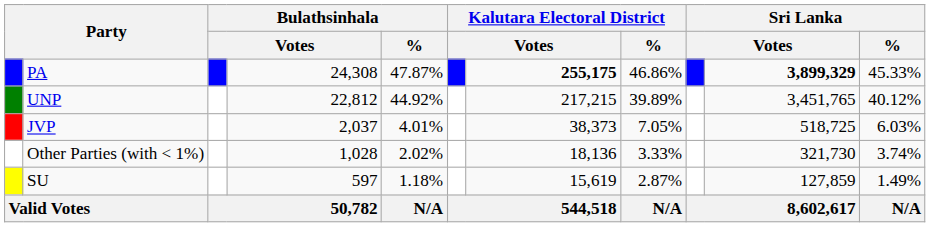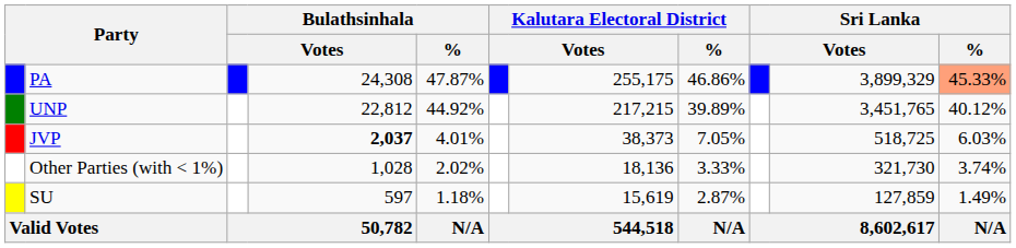 <table class="wikitable">
 <tr>
 <th colspan="2" width="144px"rowspan="2">Party</th>
 <th colspan="3" width="216px">Bulathsinhala</th>
 <th colspan="3" width="216px"><a href='#'>Kalutara Electoral District</a></th>
 <th colspan="3" width="216px">Sri Lanka</th>
 </tr>
 <tr>
 <th colspan="2" width="144px">Votes</th>
 <th>%</th>
 <th colspan="2" width="144px">Votes</th>
 <th>%</th>
 <th colspan="2" width="144px">Votes</th>
 <th>%</th>
 </tr>
 <tr>
 <td style="background-color:blue;" width="10px"></td>
 <td style="text-align:left;"><a href='#'>PA</a></td>
 <td style="background-color:blue;" width="10px"></td>
 <td style="text-align:right;">24,308</td>
 <td style="text-align:right;">47.87%</td>
 <td style="background-color:blue;" width="10px"></td>
-<td style="text-align:right;"><strong>255,175</strong></td>
+<td style="text-align:right;">255,175</td>
 <td style="text-align:right;">46.86%</td>
 <td style="background-color:blue;" width="10px"></td>
-<td style="text-align:right;"><strong>3,899,329</strong></td>
-<td style="text-align:right;">45.33%</td>
+<td style="text-align:right;">3,899,329</td>
+<td style="background: lightsalmon; text-align:right;">45.33%</td>
 </tr>
 <tr>
 <td style="background-color:green;" width="10px"></td>
 <td style="text-align:left;"><a href='#'>UNP</a></td>
 <td style="background-color:white;" width="10px"></td>
 <td style="text-align:right;">22,812</td>
 <td style="text-align:right;">44.92%</td>
 <td style="background-color:white;" width="10px"></td>
 <td style="text-align:right;">217,215</td>
 <td style="text-align:right;">39.89%</td>
 <td style="background-color:white;" width="10px"></td>
 <td style="text-align:right;">3,451,765</td>
 <td style="text-align:right;">40.12%</td>
 </tr>
 <tr>
 <td style="background-color:red;" width="10px"></td>
 <td style="text-align:left;"><a href='#'>JVP</a></td>
 <td style="background-color:white;" width="10px"></td>
-<td style="text-align:right;">2,037</td>
+<td style="text-align:right;"><strong>2,037</strong></td>
 <td style="text-align:right;">4.01%</td>
 <td style="background-color:white;" width="10px"></td>
 <td style="text-align:right;">38,373</td>
 <td style="text-align:right;">7.05%</td>
 <td style="background-color:white;" width="10px"></td>
 <td style="text-align:right;">518,725</td>
 <td style="text-align:right;">6.03%</td>
 </tr>
 <tr>
 <td style="background-color:white;" width="10px"></td>
 <td style="text-align:left;">Other Parties (with < 1%)</td>
 <td style="background-color:white;" width="10px"></td>
 <td style="text-align:right;">1,028</td>
 <td style="text-align:right;">2.02%</td>
 <td style="background-color:white;" width="10px"></td>
 <td style="text-align:right;">18,136</td>
 <td style="text-align:right;">3.33%</td>
 <td style="background-color:white;" width="10px"></td>
 <td style="text-align:right;">321,730</td>
 <td style="text-align:right;">3.74%</td>
 </tr>
 <tr>
 <td style="background-color:yellow;" width="10px"></td>
 <td style="text-align:left;">SU</td>
 <td style="background-color:white;" width="10px"></td>
 <td style="text-align:right;">597</td>
 <td style="text-align:right;">1.18%</td>
 <td style="background-color:white;" width="10px"></td>
 <td style="text-align:right;">15,619</td>
 <td style="text-align:right;">2.87%</td>
 <td style="background-color:white;" width="10px"></td>
 <td style="text-align:right;">127,859</td>
 <td style="text-align:right;">1.49%</td>
 </tr>
 <tr>
 <th colspan="2" width="144px"style="text-align:left;">Valid Votes</th>
 <th style="text-align:right;"colspan="2" width="144px">50,782</th>
 <th style="text-align:right;">N/A</th>
 <th style="text-align:right;"colspan="2" width="144px">544,518</th>
 <th style="text-align:right;">N/A</th>
 <th style="text-align:right;"colspan="2" width="144px">8,602,617</th>
 <th style="text-align:right;">N/A</th>
 </tr>
 </table>
